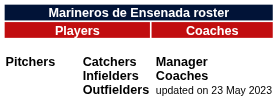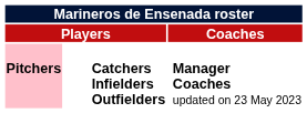 <table class="toccolours" style="font-size: 95%;">
 <tr>
 <th colspan="10" style="background-color: #011337; color:#FFFFFF; text-align: center;"><strong>Marineros de Ensenada roster</strong></th>
 </tr>
 <tr>
 <td colspan="3" style="background-color: #C10D0F; color: #FFFFFF; text-align: center;"><strong>Players</strong></td>
 <td colspan="2" style="background-color: #C10D0F; color: #FFFFFF; text-align: center;"><strong>Coaches</strong></td>
 </tr>
 <tr>
-<td style="vertical-align:top;text-align:left;"><br><strong>Pitchers</strong>                  </td>
+<td style="background: pink; vertical-align:top;text-align:left;"><br><strong>Pitchers</strong>                  </td>
 <td width="25px"></td>
 <td style="vertical-align:top;text-align:left;"><br><strong>Catchers</strong>  <br><strong>Infielders</strong>          <br><strong>Outfielders</strong>     </td>
 <td style="vertical-align:top;text-align:left;"></td>
 <td style="vertical-align:top;text-align:left;"><br><strong>Manager</strong> <br><strong>Coaches</strong>   <br><small><span></span> updated on 23 May 2023</small></td>
 </tr>
 </table>
